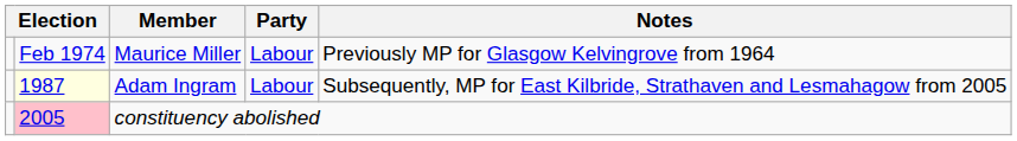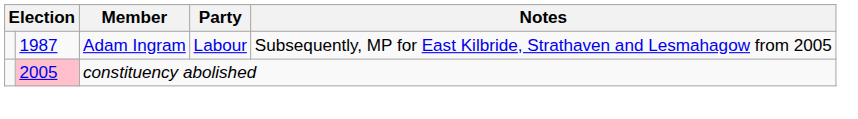 <table class="wikitable">
 <tr>
 <th colspan="2">Election</th>
 <th>Member</th>
 <th>Party</th>
 <th>Notes</th>
 </tr>
 <tr>
 <td style="color:inherit;background-color: "></td>
-<td><a href='#'>Feb 1974</a></td>
-<td><a href='#'>Maurice Miller</a></td>
-<td><a href='#'>Labour</a></td>
-<td>Previously MP for <a href='#'>Glasgow Kelvingrove</a> from 1964</td>
-</tr>
-<tr>
-<td style="color:inherit;background-color: "></td>
-<td style="background: lightyellow;"><a href='#'>1987</a></td>
+<td><a href='#'>1987</a></td>
 <td><a href='#'>Adam Ingram</a></td>
 <td><a href='#'>Labour</a></td>
 <td>Subsequently, MP for <a href='#'>East Kilbride, Strathaven and Lesmahagow</a> from 2005</td>
 </tr>
 <tr>
 <td></td>
 <td style="background: pink;"><a href='#'>2005</a></td>
 <td colspan="3"><em>constituency abolished </em></td>
 </tr>
 </table>
